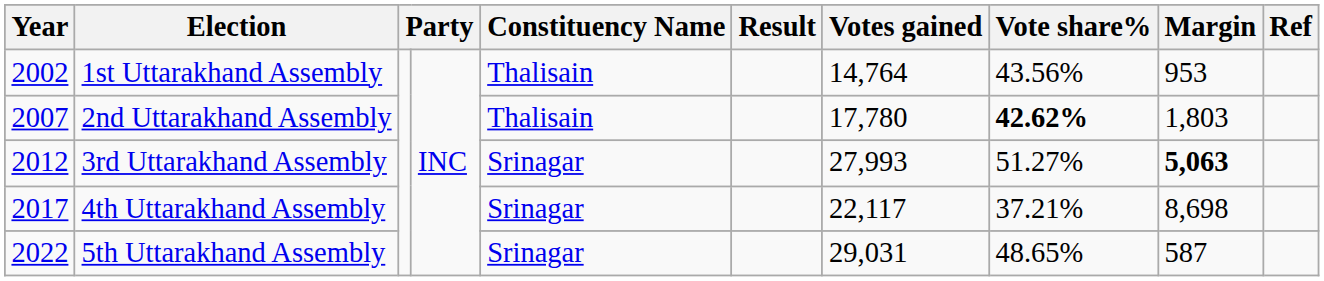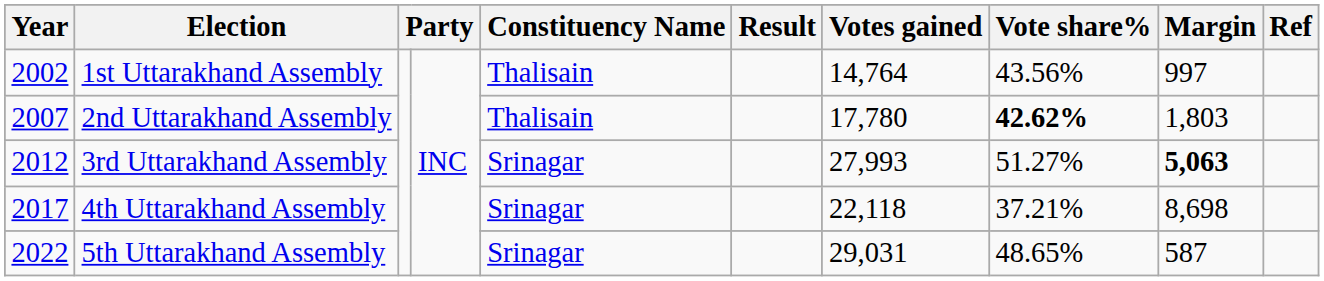 <table class="wikitable">
 <tr>
 <th>Year</th>
 <th>Election</th>
 <th colspan="2">Party</th>
 <th>Constituency Name</th>
 <th>Result</th>
 <th>Votes gained</th>
 <th>Vote share%</th>
 <th>Margin</th>
 <th>Ref</th>
 </tr>
 <tr>
 <td><a href='#'>2002</a></td>
 <td><a href='#'>1st Uttarakhand Assembly</a></td>
 <td rowspan="5" style="background-color: "></td>
 <td rowspan="5"><a href='#'>INC</a> </td>
 <td><a href='#'>Thalisain</a></td>
 <td></td>
 <td>14,764</td>
 <td>43.56%</td>
-<td>953</td>
+<td>997</td>
 <td></td>
 </tr>
 <tr>
 <td><a href='#'>2007</a></td>
 <td><a href='#'>2nd Uttarakhand Assembly</a></td>
 <td><a href='#'>Thalisain</a></td>
 <td></td>
 <td>17,780</td>
 <td><strong>42.62%</strong></td>
 <td>1,803</td>
 <td></td>
 </tr>
 <tr>
 <td><a href='#'>2012</a></td>
 <td><a href='#'>3rd Uttarakhand Assembly</a></td>
 <td><a href='#'>Srinagar</a></td>
 <td></td>
 <td>27,993</td>
 <td>51.27%</td>
 <td><strong>5,063</strong></td>
 <td></td>
 </tr>
 <tr>
 <td><a href='#'>2017</a></td>
 <td><a href='#'>4th Uttarakhand Assembly</a></td>
 <td><a href='#'>Srinagar</a></td>
 <td></td>
-<td>22,117</td>
+<td>22,118</td>
 <td>37.21%</td>
 <td>8,698</td>
 <td></td>
 </tr>
 <tr>
 <td><a href='#'>2022</a></td>
 <td><a href='#'>5th Uttarakhand Assembly</a></td>
 <td><a href='#'>Srinagar</a></td>
 <td></td>
 <td>29,031</td>
 <td>48.65%</td>
 <td>587</td>
 <td></td>
 </tr>
 </table>
